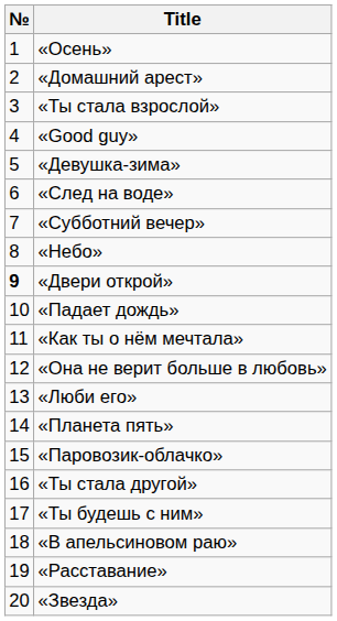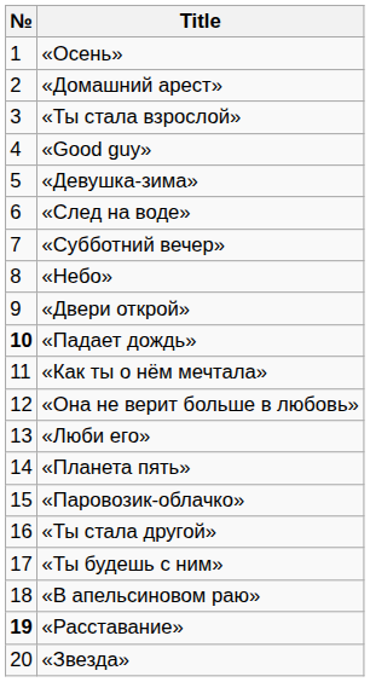 <table class="wikitable">
 <tr>
 <th>№</th>
 <th>Title</th>
 </tr>
 <tr>
 <td>1</td>
 <td>«Осень»</td>
 </tr>
 <tr>
 <td>2</td>
 <td>«Домашний арест»</td>
 </tr>
 <tr>
 <td>3</td>
 <td>«Ты стала взрослой»</td>
 </tr>
 <tr>
 <td>4</td>
 <td>«Good guy»</td>
 </tr>
 <tr>
 <td>5</td>
 <td>«Девушка-зима»</td>
 </tr>
 <tr>
 <td>6</td>
 <td>«След на воде»</td>
 </tr>
 <tr>
 <td>7</td>
 <td>«Субботний вечер»</td>
 </tr>
 <tr>
 <td>8</td>
 <td>«Небо»</td>
 </tr>
 <tr>
-<td><strong>9</strong></td>
+<td>9</td>
 <td>«Двери открой»</td>
 </tr>
 <tr>
-<td>10</td>
+<td><strong>10</strong></td>
 <td>«Падает дождь»</td>
 </tr>
 <tr>
 <td>11</td>
 <td>«Как ты о нём мечтала»</td>
 </tr>
 <tr>
 <td>12</td>
 <td>«Она не верит больше в любовь»</td>
 </tr>
 <tr>
 <td>13</td>
 <td>«Люби его»</td>
 </tr>
 <tr>
 <td>14</td>
 <td>«Планета пять»</td>
 </tr>
 <tr>
 <td>15</td>
 <td>«Паровозик-облачко»</td>
 </tr>
 <tr>
 <td>16</td>
 <td>«Ты стала другой»</td>
 </tr>
 <tr>
 <td>17</td>
 <td>«Ты будешь с ним»</td>
 </tr>
 <tr>
 <td>18</td>
 <td>«В апельсиновом раю»</td>
 </tr>
 <tr>
-<td>19</td>
+<td><strong>19</strong></td>
 <td>«Расставание»</td>
 </tr>
 <tr>
 <td>20</td>
 <td>«Звезда»</td>
 </tr>
 </table>
